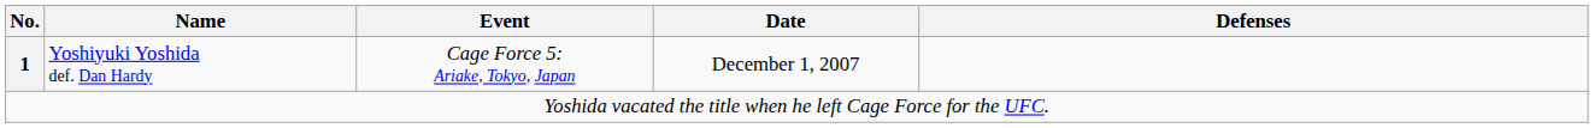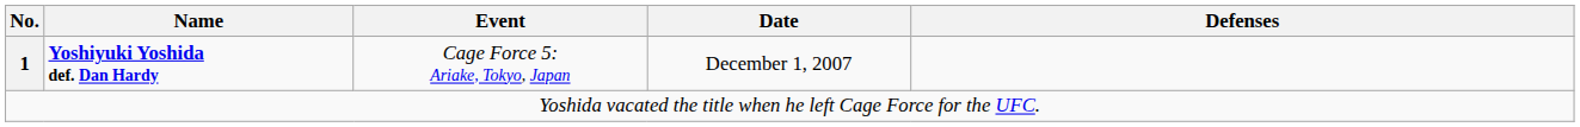 <table class="wikitable" width=100%>
 <tr>
 <th width=1%>No.</th>
 <th width=20%>Name</th>
 <th width=19%>Event</th>
 <th width=17%>Date</th>
 <th width=44%>Defenses</th>
 </tr>
 <tr>
 <th>1</th>
-<td align=left> <a href='#'>Yoshiyuki Yoshida</a><br><small>def. <a href='#'>Dan Hardy</a></small></td>
+<td align=left><strong> <a href='#'>Yoshiyuki Yoshida</a><br><small>def. <a href='#'>Dan Hardy</a></small></strong></td>
 <td align=center><em>Cage Force 5:</em><br><em><small><a href='#'>Ariake, Tokyo</a>, <a href='#'>Japan</a></small></em><br></td>
 <td align=center>December 1, 2007</td>
 <td></td>
 </tr>
 <tr>
 <td align="center" colspan="5"><em>Yoshida vacated the title when he left Cage Force for the <a href='#'>UFC</a>.</em></td>
 </tr>
 </table>
